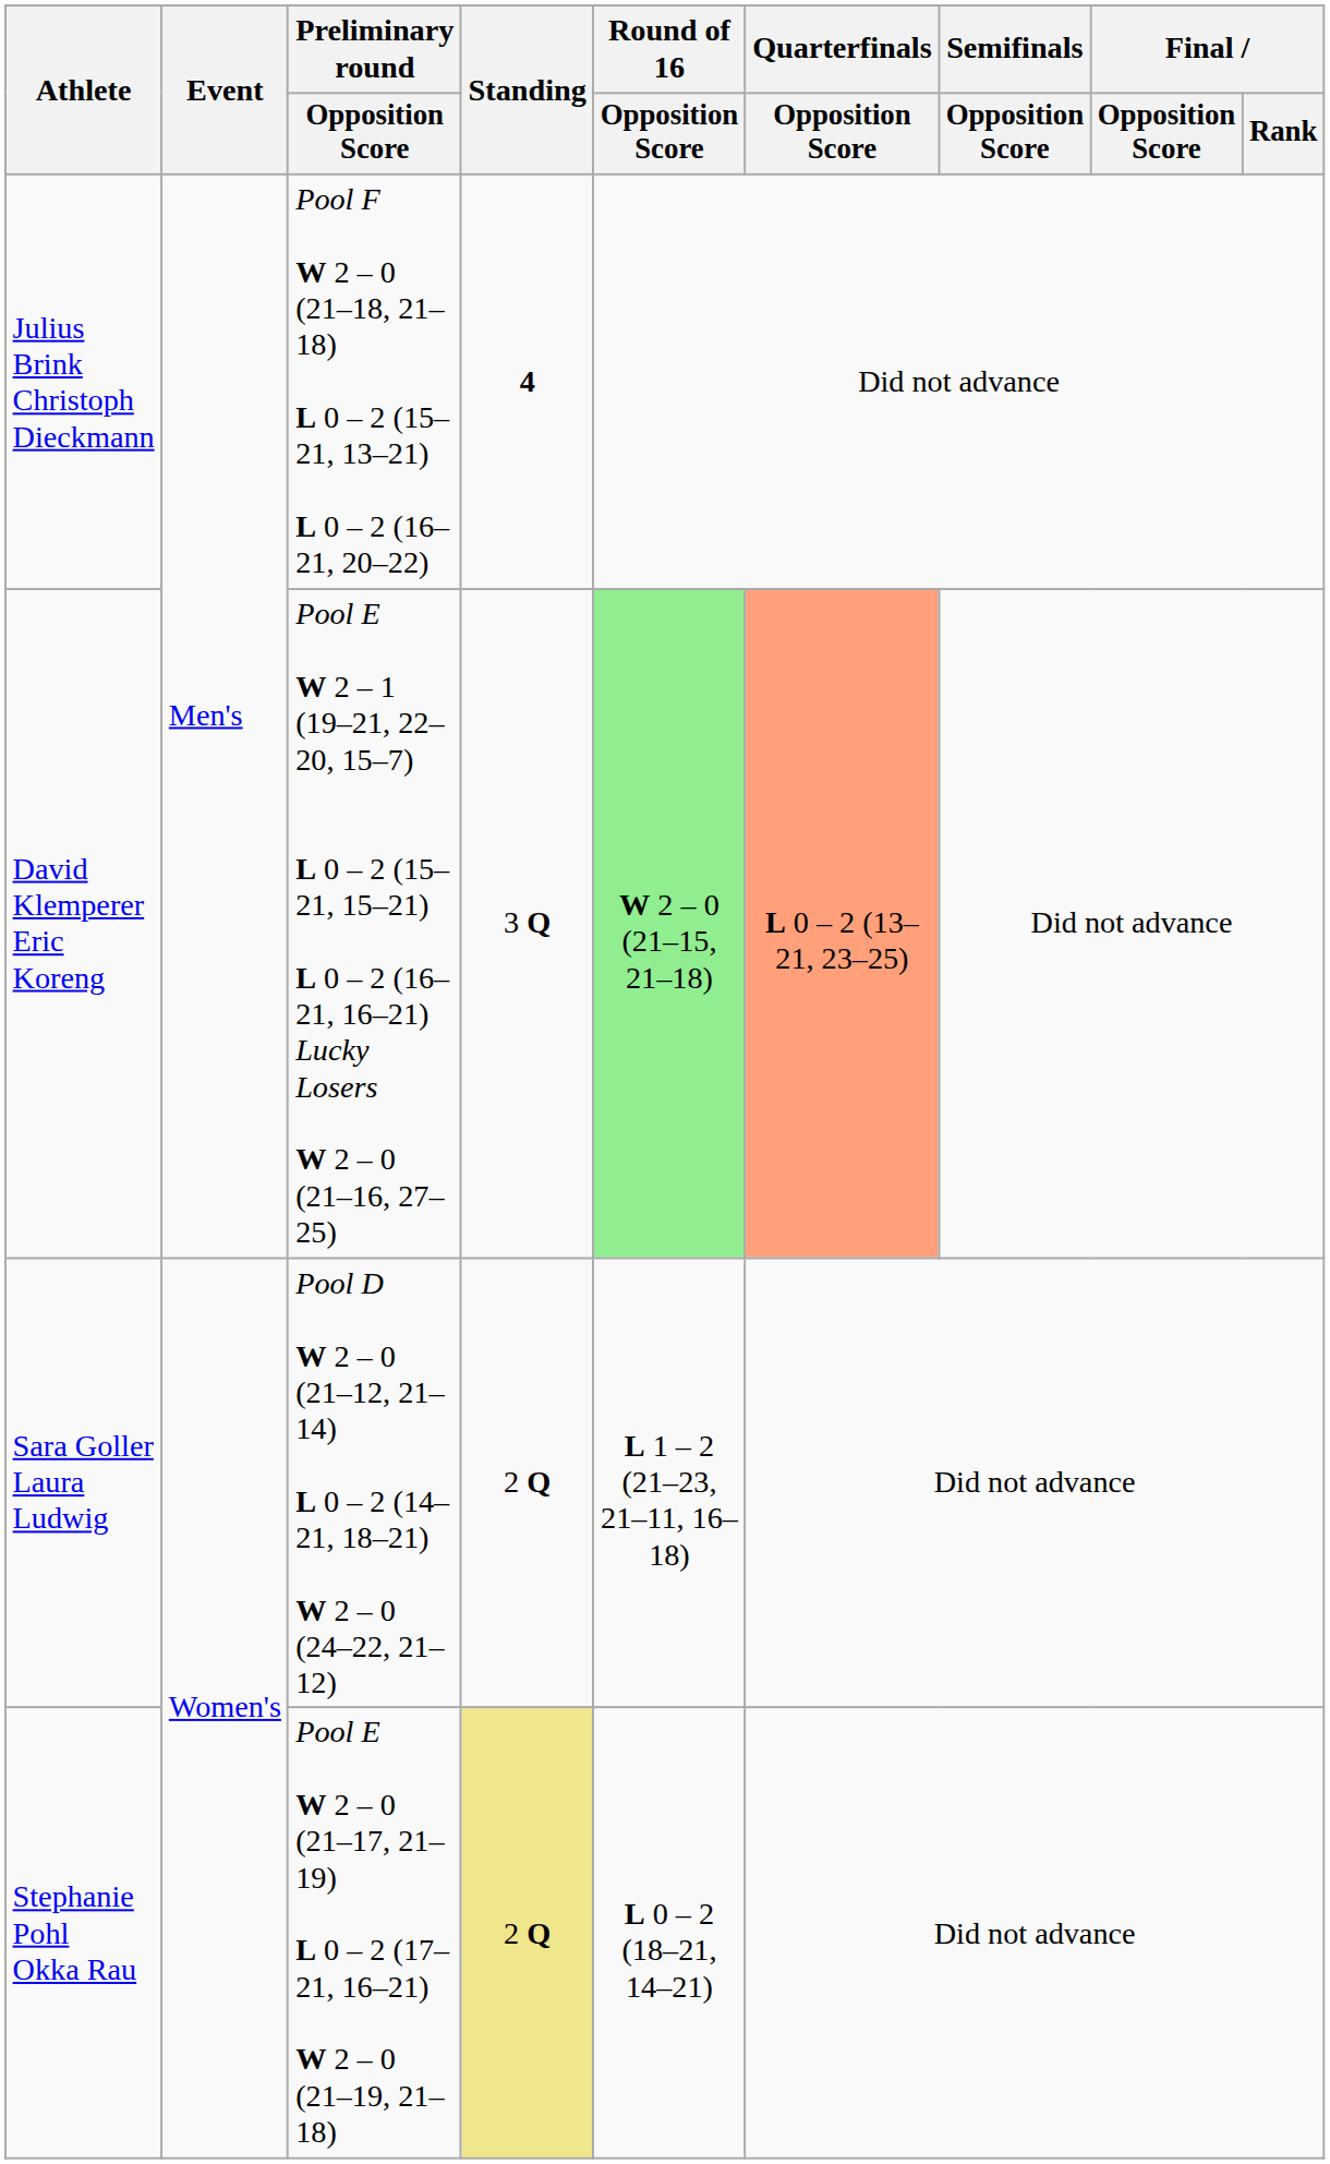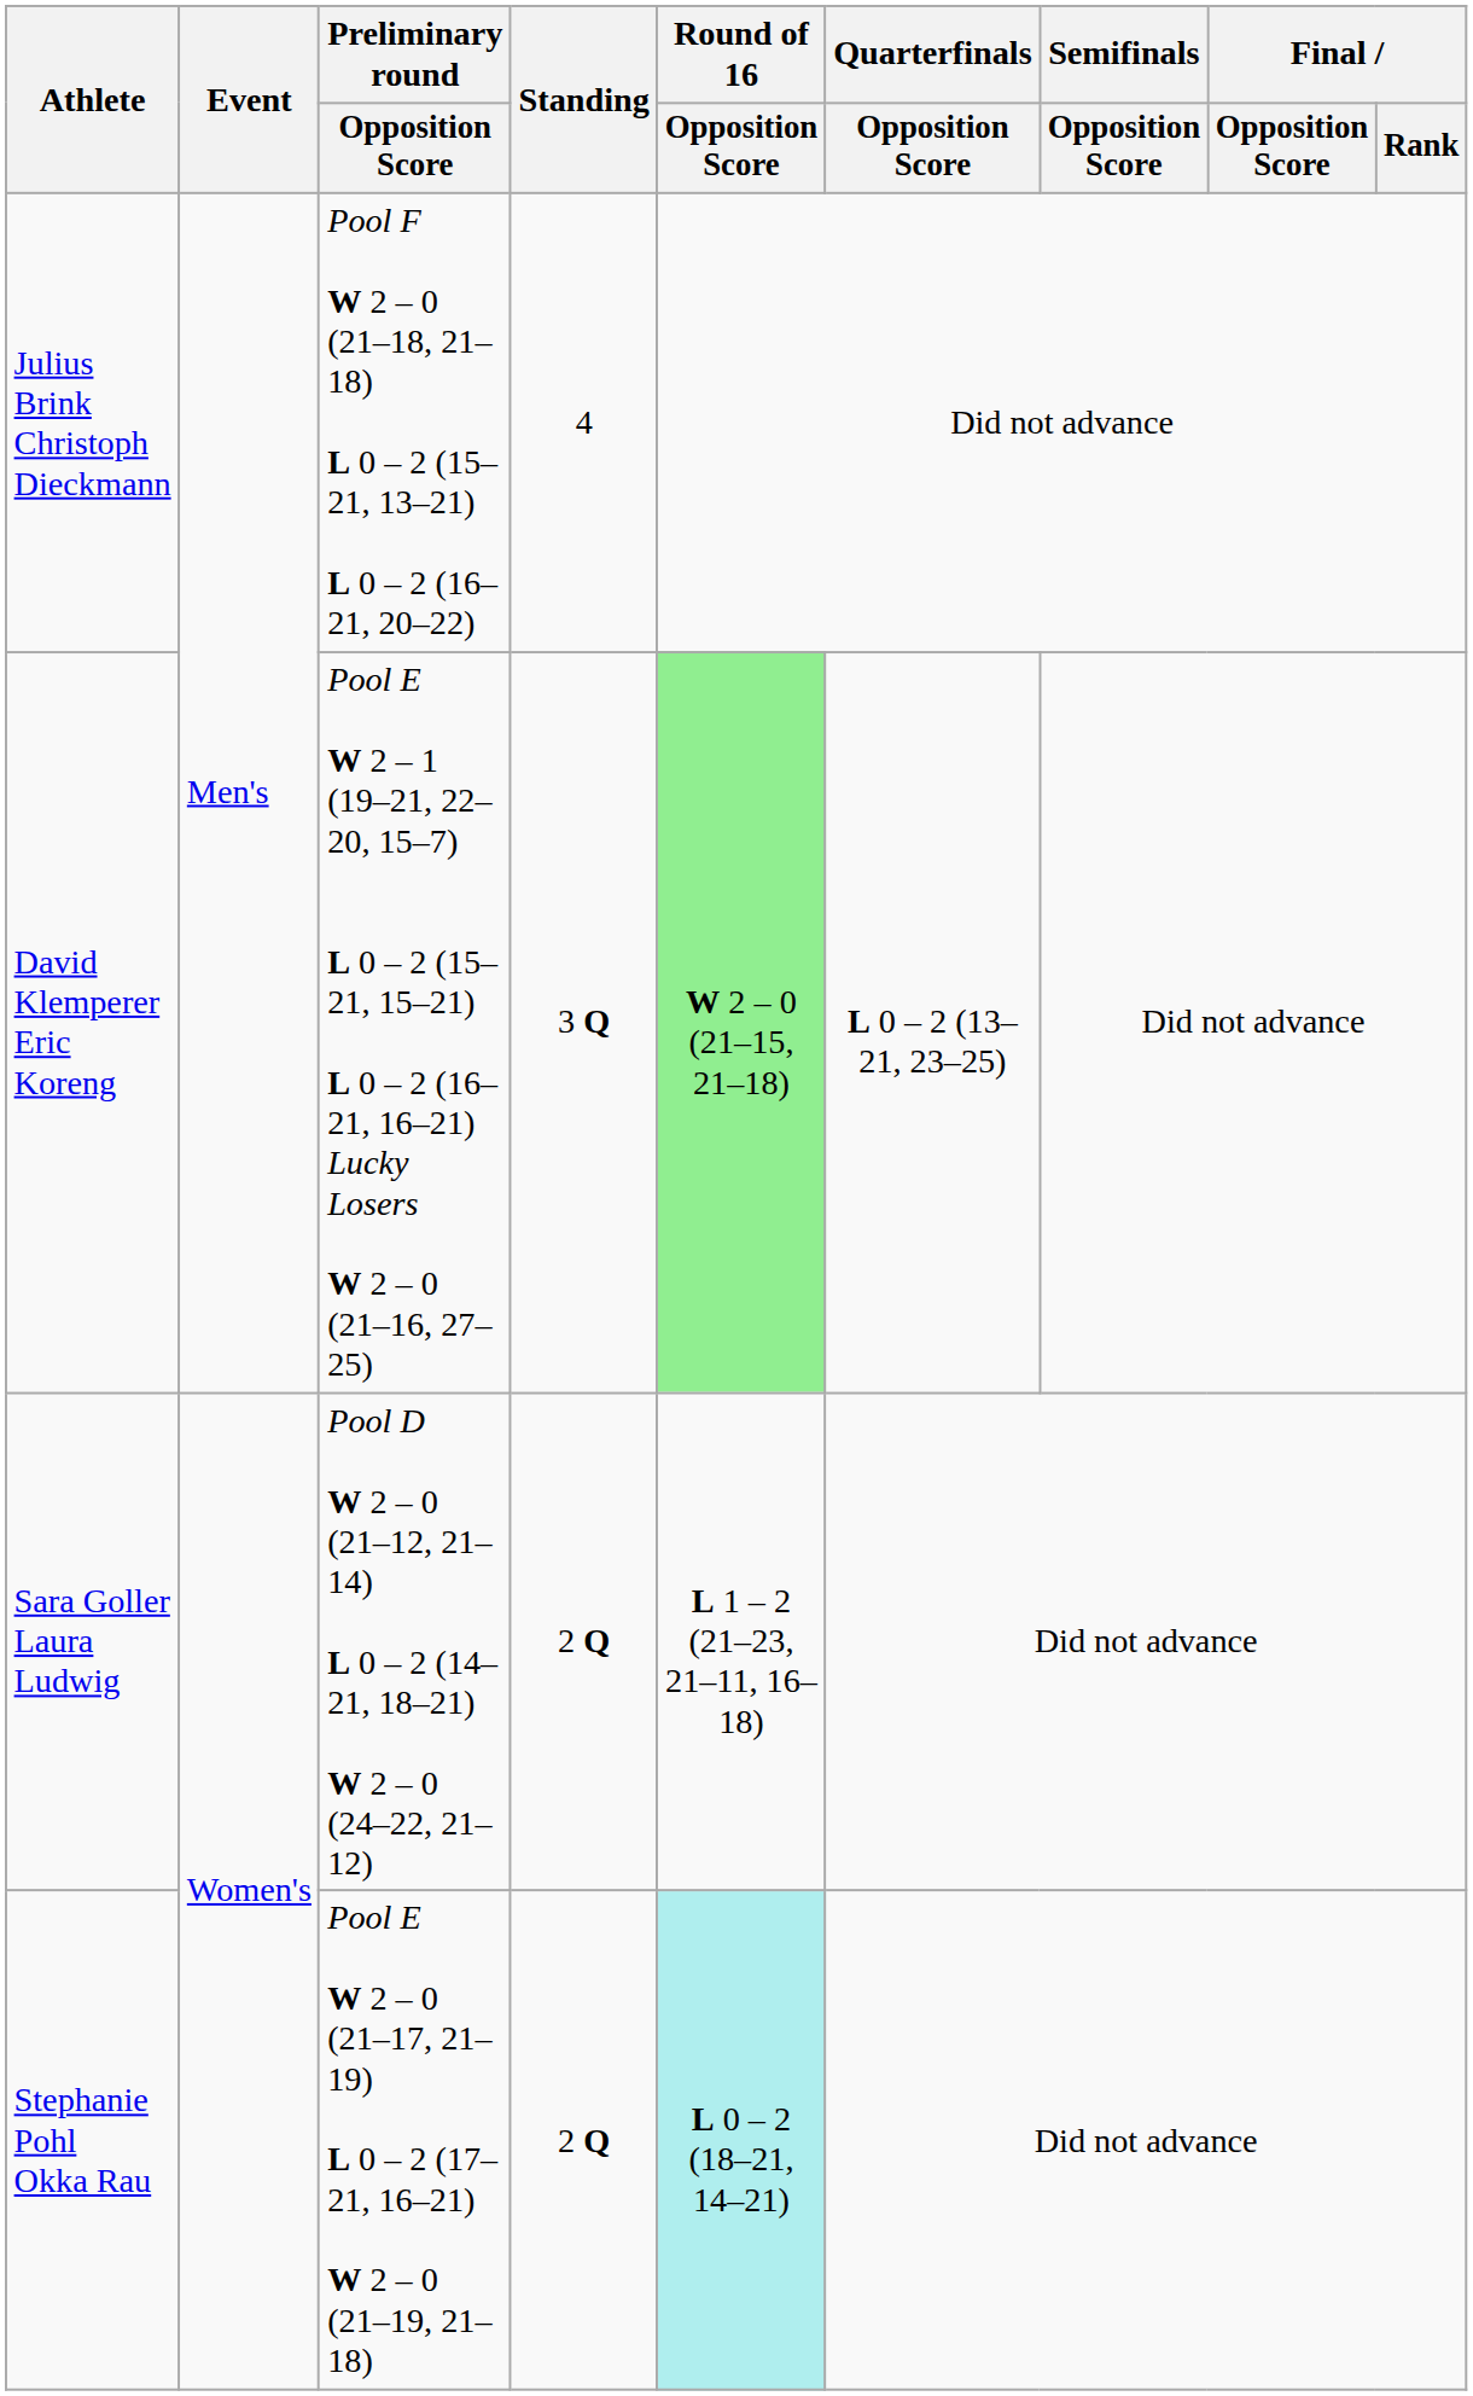 <table class=wikitable style="font-size:90%">
 <tr>
 <th rowspan="2">Athlete</th>
 <th rowspan="2">Event</th>
 <th>Preliminary round</th>
 <th rowspan="2">Standing</th>
 <th>Round of 16</th>
 <th>Quarterfinals</th>
 <th>Semifinals</th>
 <th colspan=2>Final / </th>
 </tr>
 <tr style="font-size:95%">
 <th>Opposition<br>Score</th>
 <th>Opposition<br>Score</th>
 <th>Opposition<br>Score</th>
 <th>Opposition<br>Score</th>
 <th>Opposition<br>Score</th>
 <th>Rank</th>
 </tr>
 <tr align=center>
 <td align=left><a href='#'>Julius Brink</a><br><a href='#'>Christoph Dieckmann</a></td>
 <td align=left rowspan=2><a href='#'>Men's</a></td>
 <td align=left><em>Pool F</em><br><br><strong>W</strong> 2 – 0 (21–18, 21–18)<br><br><strong>L</strong> 0 – 2 (15–21, 13–21)<br><br><strong>L</strong> 0 – 2 (16–21, 20–22)</td>
-<td><strong>4</strong></td>
+<td>4</td>
 <td colspan=5>Did not advance</td>
 </tr>
 <tr align=center>
 <td align=left><a href='#'>David Klemperer</a><br><a href='#'>Eric Koreng</a></td>
 <td align=left><em>Pool E</em><br><br><strong>W</strong> 2 – 1 (19–21, 22–20, 15–7)<br><br><br><strong>L</strong> 0 – 2 (15–21, 15–21)<br><br><strong>L</strong> 0 – 2 (16–21, 16–21)<br><em>Lucky Losers</em><br><br><strong>W</strong> 2 – 0 (21–16, 27–25)</td>
 <td>3 <strong>Q</strong></td>
 <td style="background: lightgreen;"><br><strong>W</strong> 2 – 0 (21–15, 21–18)</td>
-<td style="background: lightsalmon;"><br><strong>L</strong> 0 – 2 (13–21, 23–25)</td>
+<td><br><strong>L</strong> 0 – 2 (13–21, 23–25)</td>
 <td colspan=3>Did not advance</td>
 </tr>
 <tr align=center>
 <td align=left><a href='#'>Sara Goller</a><br><a href='#'>Laura Ludwig</a></td>
 <td align=left rowspan=2><a href='#'>Women's</a></td>
 <td align=left><em>Pool D</em><br><br><strong>W</strong> 2 – 0 (21–12, 21–14)<br><br><strong>L</strong> 0 – 2 (14–21, 18–21)<br><br><strong>W</strong> 2 – 0 (24–22, 21–12)</td>
 <td>2 <strong>Q</strong></td>
 <td><br><strong>L</strong> 1 – 2 (21–23, 21–11, 16–18)</td>
 <td colspan=4>Did not advance</td>
 </tr>
 <tr align=center>
 <td align=left><a href='#'>Stephanie Pohl</a><br><a href='#'>Okka Rau</a></td>
 <td align=left><em>Pool E</em><br><br><strong>W</strong> 2 – 0 (21–17, 21–19)<br><br><strong>L</strong> 0 – 2 (17–21, 16–21)<br><br><strong>W</strong> 2 – 0 (21–19, 21–18)</td>
-<td style="background: khaki;">2 <strong>Q</strong></td>
-<td><br><strong>L</strong> 0 – 2 (18–21, 14–21)</td>
+<td>2 <strong>Q</strong></td>
+<td style="background: paleturquoise;"><br><strong>L</strong> 0 – 2 (18–21, 14–21)</td>
 <td colspan=4>Did not advance</td>
 </tr>
 </table>
